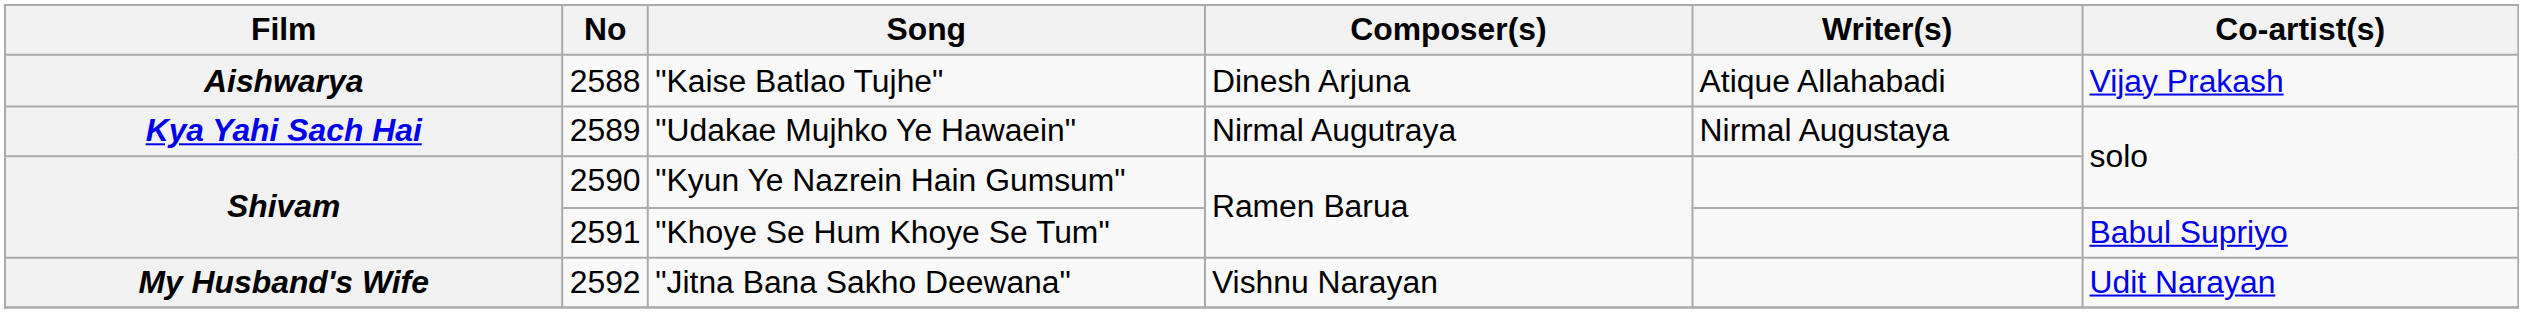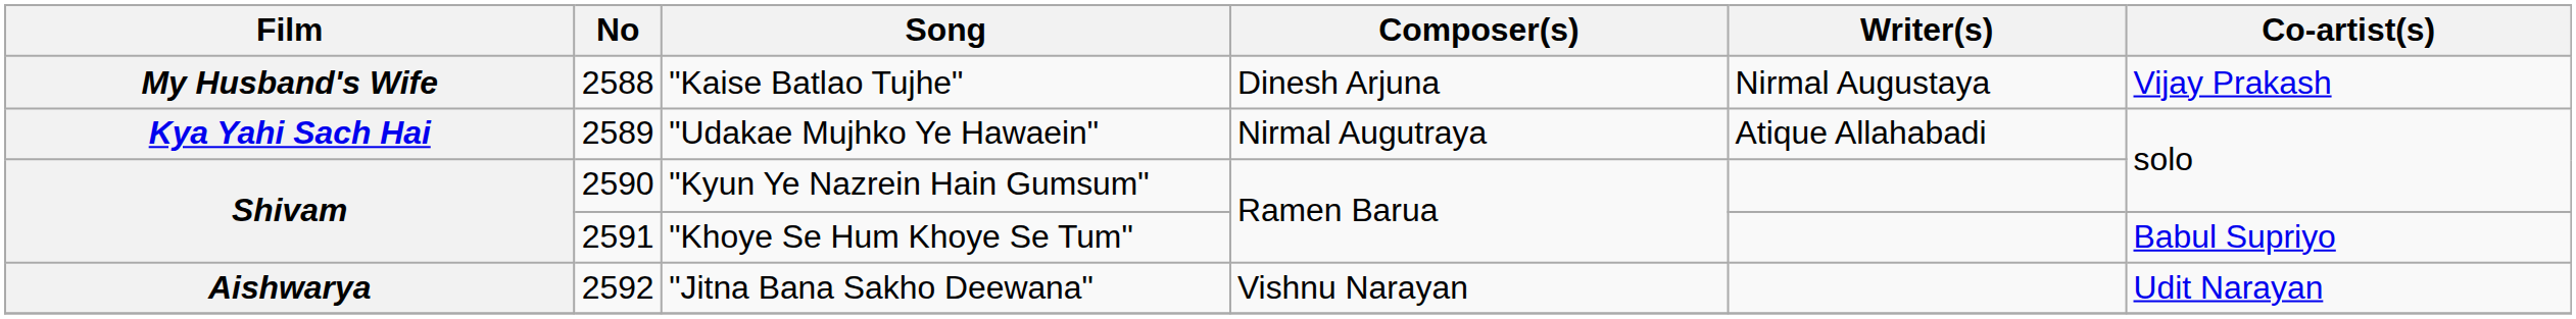 <table class="wikitable plainrowheaders" width="100%" textcolor:#000;">
 <tr style="background:#b0e0e66;">
 <th scope="col" width=23%><strong>Film</strong></th>
 <th><strong>No</strong></th>
 <th scope="col" width=23%><strong>Song</strong></th>
 <th scope="col" width=20%><strong>Composer(s)</strong></th>
 <th scope="col" width=16%><strong>Writer(s)</strong></th>
 <th scope="col" width=18%><strong>Co-artist(s)</strong></th>
 </tr>
 <tr>
-<th><em>Aishwarya</em></th>
+<th><em>My Husband's Wife</em></th>
 <td>2588</td>
 <td>"Kaise Batlao Tujhe"</td>
 <td>Dinesh Arjuna</td>
-<td>Atique Allahabadi</td>
+<td>Nirmal Augustaya</td>
 <td><a href='#'>Vijay Prakash</a></td>
 </tr>
 <tr>
 <th><em><a href='#'>Kya Yahi Sach Hai</a></em></th>
 <td>2589</td>
 <td>"Udakae Mujhko Ye Hawaein"</td>
 <td>Nirmal Augutraya</td>
-<td>Nirmal Augustaya</td>
+<td>Atique Allahabadi</td>
 <td rowspan="2">solo</td>
 </tr>
 <tr>
 <th rowspan="2"><em>Shivam</em></th>
 <td>2590</td>
 <td>"Kyun Ye Nazrein Hain Gumsum"</td>
 <td rowspan="2">Ramen Barua</td>
 <td></td>
 </tr>
 <tr>
 <td>2591</td>
 <td>"Khoye Se Hum Khoye Se Tum"</td>
 <td></td>
 <td><a href='#'>Babul Supriyo</a></td>
 </tr>
 <tr>
-<th><em>My Husband's Wife</em></th>
+<th><em>Aishwarya</em></th>
 <td>2592</td>
 <td>"Jitna Bana Sakho Deewana"</td>
 <td>Vishnu Narayan</td>
 <td></td>
 <td><a href='#'>Udit Narayan</a></td>
 </tr>
 <tr>
 </tr>
 </table>
